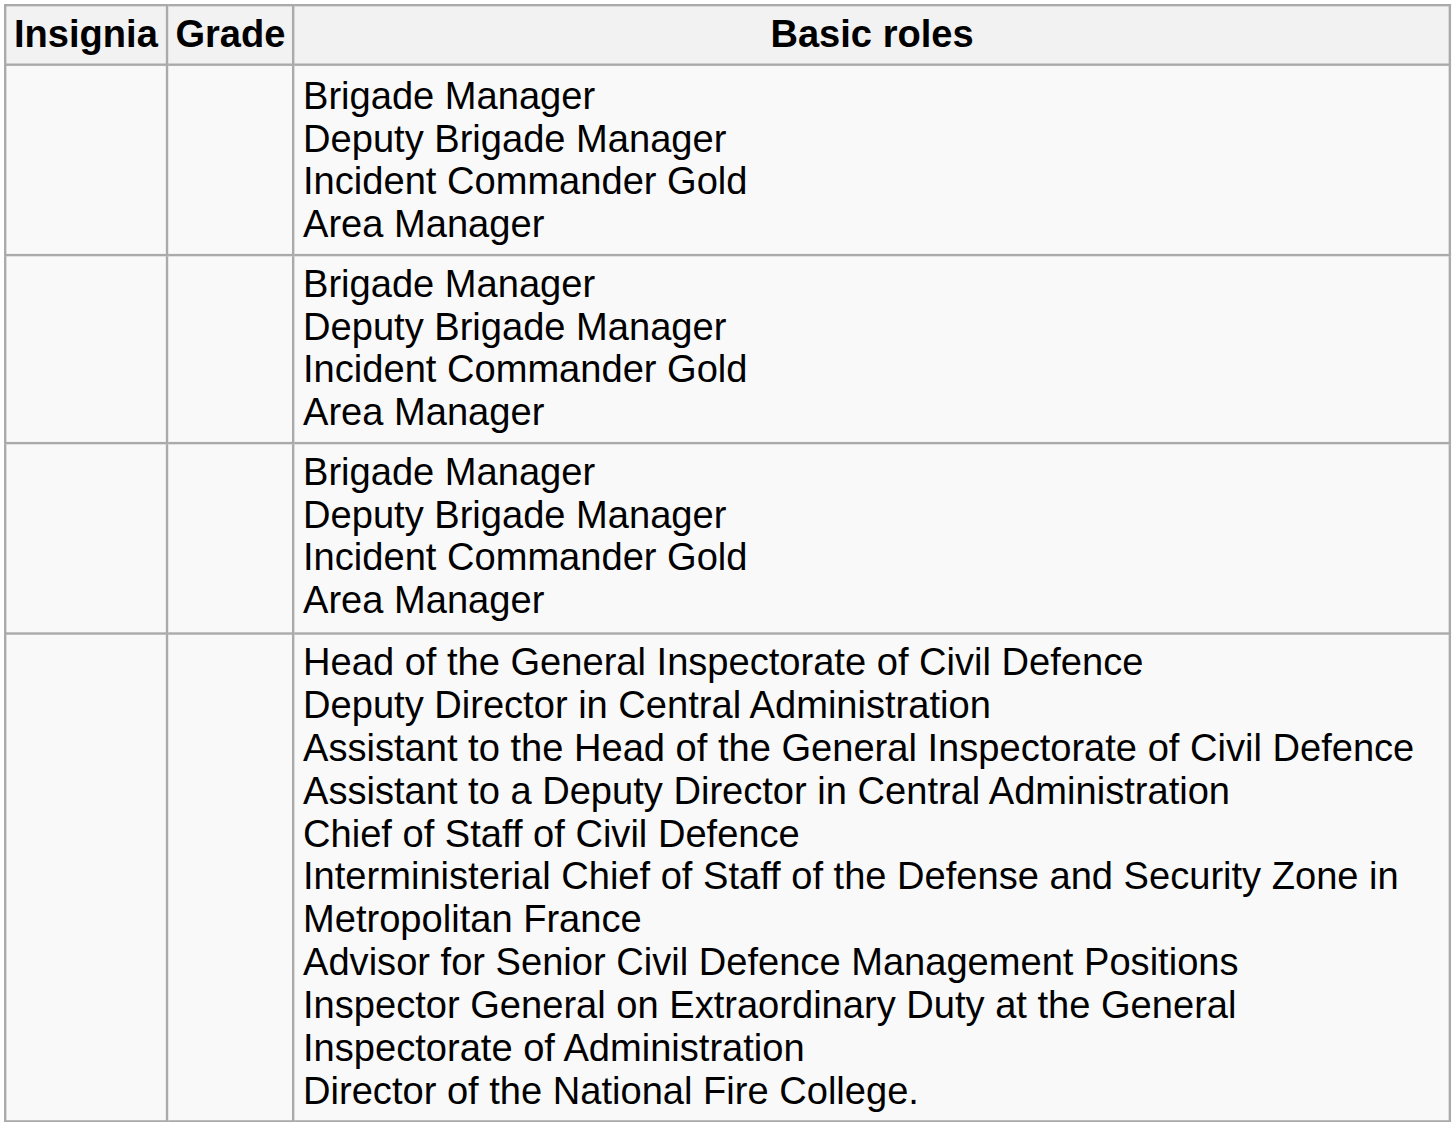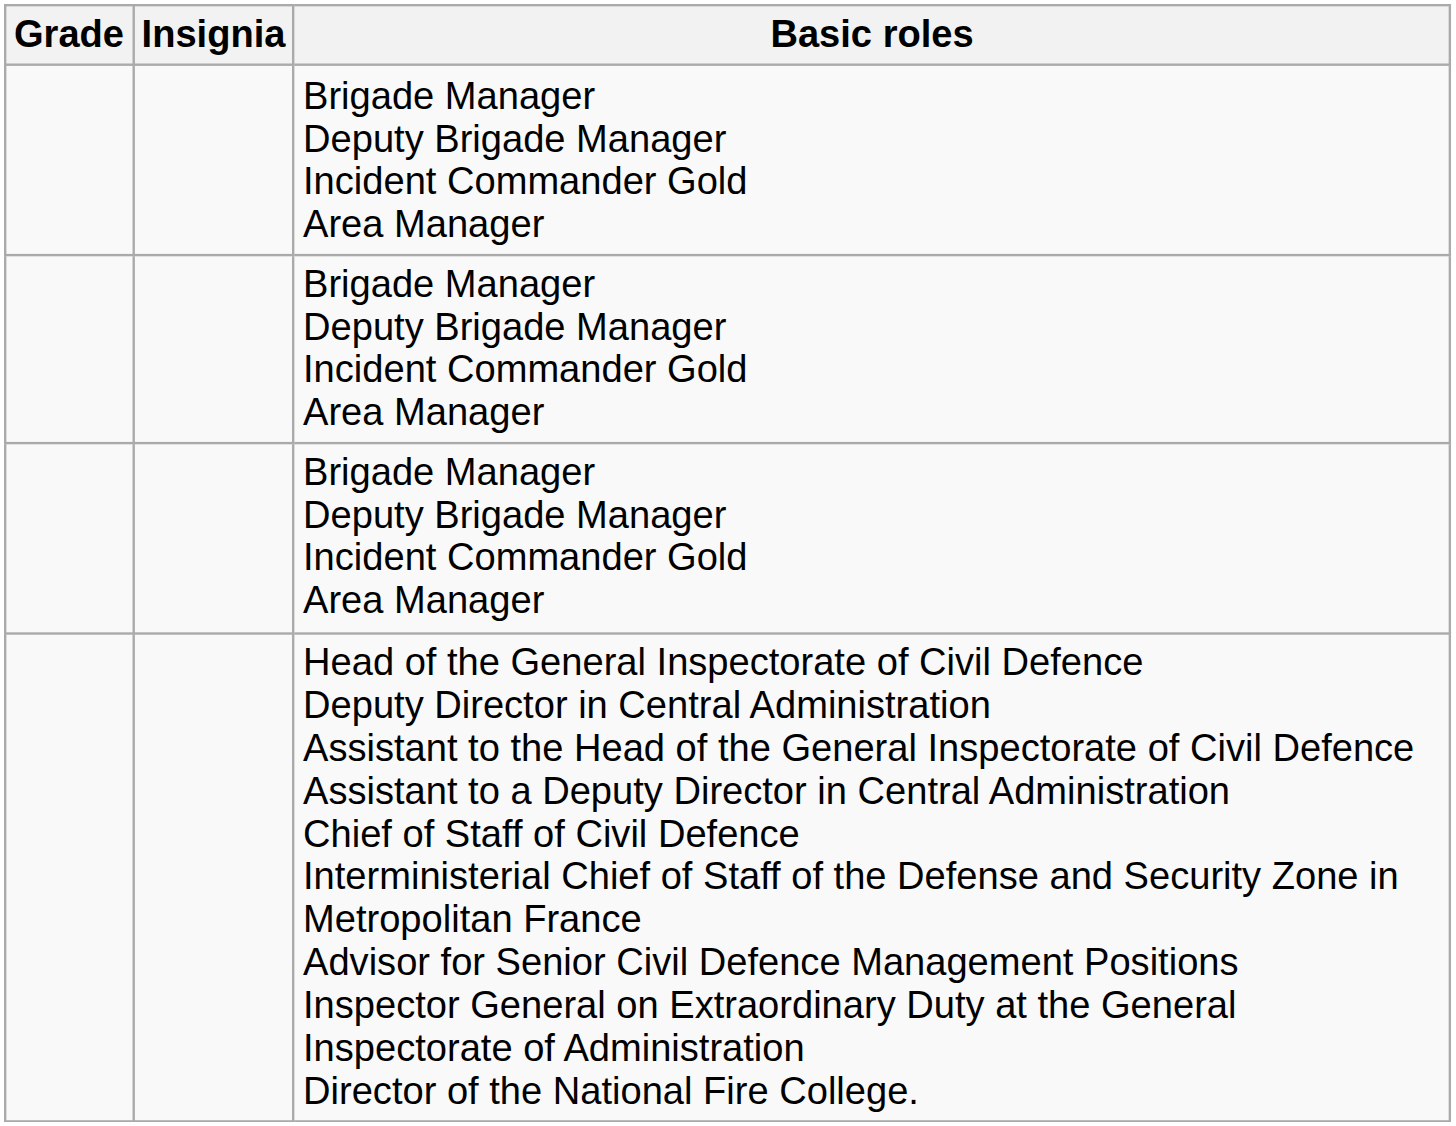 <table class="wikitable">
 <tr>
+<th>Grade</th>
 <th>Insignia</th>
-<th>Grade</th>
 <th>Basic roles</th>
 </tr>
 <tr>
 <td></td>
 <td></td>
 <td>Brigade Manager<br>Deputy Brigade Manager<br>Incident Commander Gold<br>Area Manager</td>
 </tr>
 <tr>
 <td></td>
 <td></td>
 <td>Brigade Manager<br>Deputy Brigade Manager<br>Incident Commander Gold<br>Area Manager</td>
 </tr>
 <tr>
 <td></td>
 <td></td>
 <td>Brigade Manager<br>Deputy Brigade Manager<br>Incident Commander Gold<br>Area Manager</td>
 </tr>
 <tr>
 <td></td>
 <td></td>
 <td>Head of the General Inspectorate of Civil Defence<br>Deputy Director in Central Administration<br>Assistant to the Head of the General Inspectorate of Civil Defence<br>Assistant to a Deputy Director in Central Administration<br>Chief of Staff of Civil Defence<br>Interministerial Chief of Staff of the Defense and Security Zone in Metropolitan France<br>Advisor for Senior Civil Defence Management Positions<br>Inspector General on Extraordinary Duty at the General Inspectorate of Administration<br>Director of the National Fire College.</td>
 </tr>
 </table>
